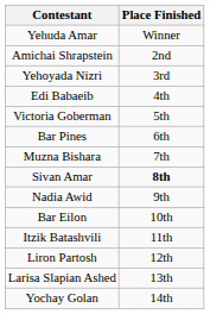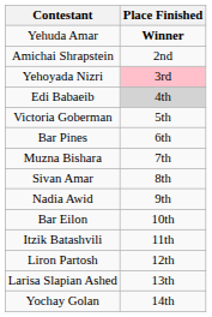 <table class="wikitable" style="text-align:center">
 <tr>
 <th>Contestant</th>
 <th>Place Finished</th>
 </tr>
 <tr>
 <td>Yehuda Amar</td>
-<td>Winner</td>
+<td><strong>Winner</strong></td>
 </tr>
 <tr>
 <td>Amichai Shrapstein</td>
 <td>2nd</td>
 </tr>
 <tr>
 <td>Yehoyada Nizri</td>
-<td>3rd</td>
+<td style="background: pink;">3rd</td>
 </tr>
 <tr>
 <td>Edi Babaeib</td>
-<td>4th</td>
+<td style="background: lightgrey;">4th</td>
 </tr>
 <tr>
 <td>Victoria Goberman</td>
 <td>5th</td>
 </tr>
 <tr>
 <td>Bar Pines</td>
 <td>6th</td>
 </tr>
 <tr>
 <td>Muzna Bishara</td>
 <td>7th</td>
 </tr>
 <tr>
 <td>Sivan Amar</td>
-<td><strong>8th</strong></td>
+<td>8th</td>
 </tr>
 <tr>
 <td>Nadia Awid</td>
 <td>9th</td>
 </tr>
 <tr>
 <td>Bar Eilon</td>
 <td>10th</td>
 </tr>
 <tr>
 <td>Itzik Batashvili</td>
 <td>11th</td>
 </tr>
 <tr>
 <td>Liron Partosh</td>
 <td>12th</td>
 </tr>
 <tr>
 <td>Larisa Slapian Ashed</td>
 <td>13th</td>
 </tr>
 <tr>
 <td>Yochay Golan</td>
 <td>14th</td>
 </tr>
 </table>
